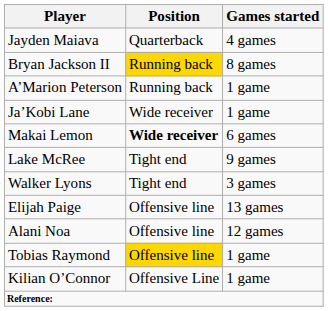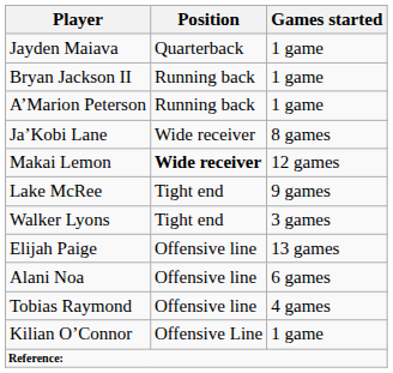 <table class="wikitable">
 <tr>
 <th style="text-align:center; ">Player</th>
 <th style="text-align:center; ">Position</th>
 <th style="text-align:center; ">Games started</th>
 </tr>
 <tr>
 <td>Jayden Maiava</td>
 <td>Quarterback</td>
-<td>4 games</td>
+<td>1 game</td>
 </tr>
 <tr>
 <td>Bryan Jackson II</td>
-<td style="background: gold;">Running back</td>
-<td>8 games</td>
+<td>Running back</td>
+<td>1 game</td>
 </tr>
 <tr>
 <td>A’Marion Peterson</td>
 <td>Running back</td>
 <td>1 game</td>
 </tr>
 <tr>
 <td>Ja’Kobi Lane</td>
 <td>Wide receiver</td>
-<td>1 game</td>
+<td>8 games</td>
 </tr>
 <tr>
 <td>Makai Lemon</td>
 <td><strong>Wide receiver</strong></td>
-<td>6 games</td>
+<td>12 games</td>
 </tr>
 <tr>
 <td>Lake McRee</td>
 <td>Tight end</td>
 <td>9 games</td>
 </tr>
 <tr>
 <td>Walker Lyons</td>
 <td>Tight end</td>
 <td>3 games</td>
 </tr>
 <tr>
 <td>Elijah Paige</td>
 <td>Offensive line</td>
 <td>13 games</td>
 </tr>
 <tr>
 <td>Alani Noa</td>
 <td>Offensive line</td>
-<td>12 games</td>
+<td>6 games</td>
 </tr>
 <tr>
 <td>Tobias Raymond</td>
-<td style="background: gold;">Offensive line</td>
-<td>1 game</td>
+<td>Offensive line</td>
+<td>4 games</td>
 </tr>
 <tr>
 <td>Kilian O’Connor</td>
 <td>Offensive Line</td>
 <td>1 game</td>
 </tr>
 <tr>
 <td colspan="4"  style="font-size:8pt; text-align:left;"><strong>Reference:</strong></td>
 </tr>
 </table>
